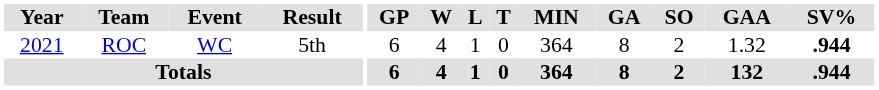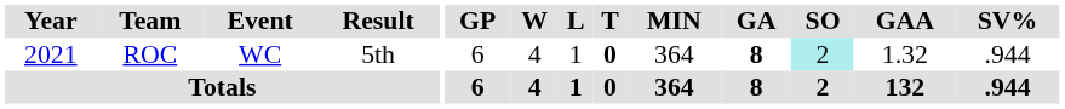 <table border="0" cellpadding="1" cellspacing="0" ID="Table3" style="text-align:center; width:40em;">
 <tr bgcolor="#e0e0e0">
 <th>Year</th>
 <th>Team</th>
 <th>Event</th>
 <th>Result</th>
 <th rowspan="99" bgcolor="#ffffff"></th>
 <th>GP</th>
 <th>W</th>
 <th>L</th>
 <th>T</th>
 <th>MIN</th>
 <th>GA</th>
 <th>SO</th>
 <th>GAA</th>
 <th>SV%</th>
 </tr>
 <tr>
 <td><a href='#'>2021</a></td>
 <td><a href='#'>ROC</a></td>
 <td><a href='#'>WC</a></td>
 <td>5th</td>
 <td>6</td>
 <td>4</td>
 <td>1</td>
-<td>0</td>
+<td><strong>0</strong></td>
 <td>364</td>
-<td>8</td>
-<td>2</td>
+<td><strong>8</strong></td>
+<td style="background: paleturquoise;">2</td>
 <td>1.32</td>
-<td><strong>.944</strong></td>
+<td>.944</td>
 </tr>
 <tr bgcolor="#e0e0e0">
 <th colspan="4">Totals</th>
 <th>6</th>
 <th>4</th>
 <th>1</th>
 <th>0</th>
 <th>364</th>
 <th>8</th>
 <th>2</th>
 <th>132</th>
 <th>.944</th>
 </tr>
 </table>
